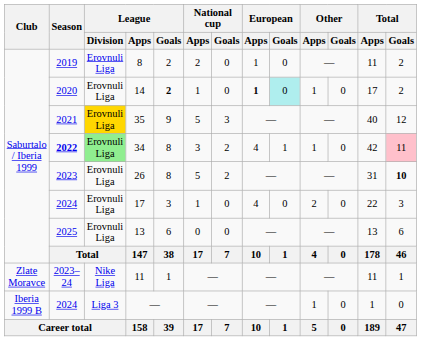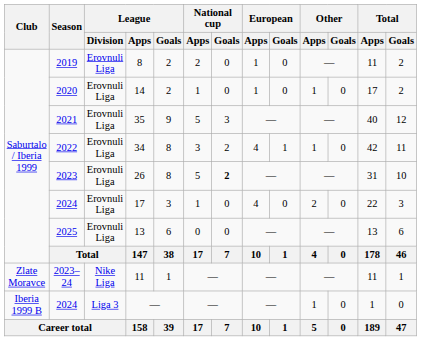 <table class="wikitable" style="text-align:center">
 <tr>
 <th rowspan="2">Club</th>
 <th rowspan="2">Season</th>
 <th colspan="3">League</th>
 <th colspan="2">National cup</th>
 <th colspan="2">European</th>
 <th colspan="2">Other</th>
 <th colspan="2">Total</th>
 </tr>
 <tr>
 <th>Division</th>
 <th>Apps</th>
 <th>Goals</th>
 <th>Apps</th>
 <th>Goals</th>
 <th>Apps</th>
 <th>Goals</th>
 <th>Apps</th>
 <th>Goals</th>
 <th>Apps</th>
 <th>Goals</th>
 </tr>
 <tr>
 <td rowspan="8"><a href='#'>Saburtalo / Iberia 1999</a></td>
 <td><a href='#'>2019</a></td>
 <td><a href='#'>Erovnuli Liga</a></td>
 <td>8</td>
 <td>2</td>
 <td>2</td>
 <td>0</td>
 <td>1</td>
 <td>0</td>
 <td colspan="2">—</td>
 <td>11</td>
 <td>2</td>
 </tr>
 <tr>
 <td><a href='#'>2020</a></td>
 <td>Erovnuli Liga</td>
 <td>14</td>
-<td><strong>2</strong></td>
+<td>2</td>
 <td>1</td>
 <td>0</td>
-<td><strong>1</strong></td>
-<td style="background: paleturquoise;">0</td>
+<td>1</td>
+<td>0</td>
 <td>1</td>
 <td>0</td>
 <td>17</td>
 <td>2</td>
 </tr>
 <tr>
 <td><a href='#'>2021</a></td>
-<td style="background: gold;">Erovnuli Liga</td>
+<td>Erovnuli Liga</td>
 <td>35</td>
 <td>9</td>
 <td>5</td>
 <td>3</td>
 <td colspan="2">—</td>
 <td colspan="2">—</td>
 <td>40</td>
 <td>12</td>
 </tr>
 <tr>
-<td><strong><a href='#'>2022</a></strong></td>
-<td style="background: lightgreen;">Erovnuli Liga</td>
+<td><a href='#'>2022</a></td>
+<td>Erovnuli Liga</td>
 <td>34</td>
 <td>8</td>
 <td>3</td>
 <td>2</td>
 <td>4</td>
 <td>1</td>
 <td>1</td>
 <td>0</td>
 <td>42</td>
-<td style="background: pink;">11</td>
+<td>11</td>
 </tr>
 <tr>
 <td><a href='#'>2023</a></td>
 <td>Erovnuli Liga</td>
 <td>26</td>
 <td>8</td>
 <td>5</td>
-<td>2</td>
+<td><strong>2</strong></td>
 <td colspan="2">—</td>
 <td colspan="2">—</td>
 <td>31</td>
-<td><strong>10</strong></td>
+<td>10</td>
 </tr>
 <tr>
 <td><a href='#'>2024</a></td>
 <td>Erovnuli Liga</td>
 <td>17</td>
 <td>3</td>
 <td>1</td>
 <td>0</td>
 <td>4</td>
 <td>0</td>
 <td>2</td>
 <td>0</td>
 <td>22</td>
 <td>3</td>
 </tr>
 <tr>
 <td><a href='#'>2025</a></td>
 <td>Erovnuli Liga</td>
 <td>13</td>
 <td>6</td>
 <td>0</td>
 <td>0</td>
 <td colspan="2">—</td>
 <td colspan="2">—</td>
 <td>13</td>
 <td>6</td>
 </tr>
 <tr>
 <th colspan="2">Total</th>
 <th>147</th>
 <th>38</th>
 <th>17</th>
 <th>7</th>
 <th>10</th>
 <th>1</th>
 <th>4</th>
 <th>0</th>
 <th>178</th>
 <th>46</th>
 </tr>
 <tr>
 <td><a href='#'>Zlate Moravce</a></td>
 <td><a href='#'>2023–24</a></td>
 <td><a href='#'>Nike Liga</a></td>
 <td>11</td>
 <td>1</td>
 <td colspan="2">—</td>
 <td colspan="2">—</td>
 <td colspan="2">—</td>
 <td>11</td>
 <td>1</td>
 </tr>
 <tr>
 <td><a href='#'>Iberia 1999 B</a></td>
 <td><a href='#'>2024</a></td>
 <td><a href='#'>Liga 3</a></td>
 <td colspan="2">—</td>
 <td colspan="2">—</td>
 <td colspan="2">—</td>
 <td>1</td>
 <td>0</td>
 <td>1</td>
 <td>0</td>
 </tr>
 <tr>
 <th colspan="3">Career total</th>
 <th>158</th>
 <th>39</th>
 <th>17</th>
 <th>7</th>
 <th>10</th>
 <th>1</th>
 <th>5</th>
 <th>0</th>
 <th>189</th>
 <th>47</th>
 </tr>
 </table>
